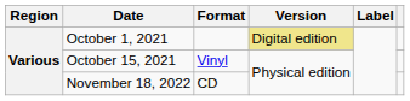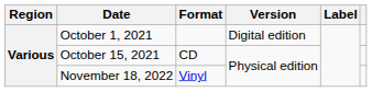 <table class="wikitable plainrowheaders">
 <tr>
 <th scope="col">Region</th>
 <th scope="col">Date</th>
 <th scope="col">Format</th>
 <th scope="col">Version</th>
 <th scope="col">Label</th>
 <th scope="col"></th>
 </tr>
 <tr>
 <th scope="row" rowspan="3">Various</th>
 <td>October 1, 2021</td>
 <td></td>
-<td style="background: khaki;">Digital edition</td>
+<td>Digital edition</td>
 <td rowspan="3"></td>
 <td style="text-align:center;"></td>
 </tr>
 <tr>
 <td>October 15, 2021</td>
-<td><a href='#'>Vinyl</a></td>
+<td>CD</td>
 <td rowspan="2">Physical edition</td>
 <td style="text-align:center;"></td>
 </tr>
 <tr>
 <td>November 18, 2022</td>
-<td>CD</td>
+<td><a href='#'>Vinyl</a></td>
 <td style="text-align:center;"></td>
 </tr>
 </table>
